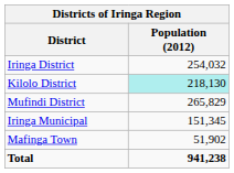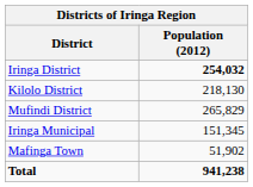 <table class="wikitable">
 <tr>
 <th colspan="7">Districts of Iringa Region</th>
 </tr>
 <tr style="text-align:center;">
 <th style="width: 10em">District</th>
 <th style="width: 8em">Population<br>(2012)</th>
 </tr>
 <tr>
 <td><a href='#'>Iringa District</a></td>
-<td style="text-align:right;">254,032</td>
+<td style="text-align:right;"><strong>254,032</strong></td>
 </tr>
 <tr>
 <td><a href='#'>Kilolo District</a></td>
-<td style="background: paleturquoise; text-align:right;">218,130</td>
+<td style="text-align:right;">218,130</td>
 </tr>
 <tr>
 <td><a href='#'>Mufindi District</a></td>
 <td style="text-align:right;">265,829</td>
 </tr>
 <tr>
 <td><a href='#'>Iringa Municipal</a></td>
 <td style="text-align:right;">151,345</td>
 </tr>
 <tr>
 <td><a href='#'>Mafinga Town</a></td>
 <td style="text-align:right;">51,902</td>
 </tr>
 <tr>
 <td><strong>Total</strong></td>
 <td style="text-align:right;"><strong>941,238</strong></td>
 </tr>
 </table>
